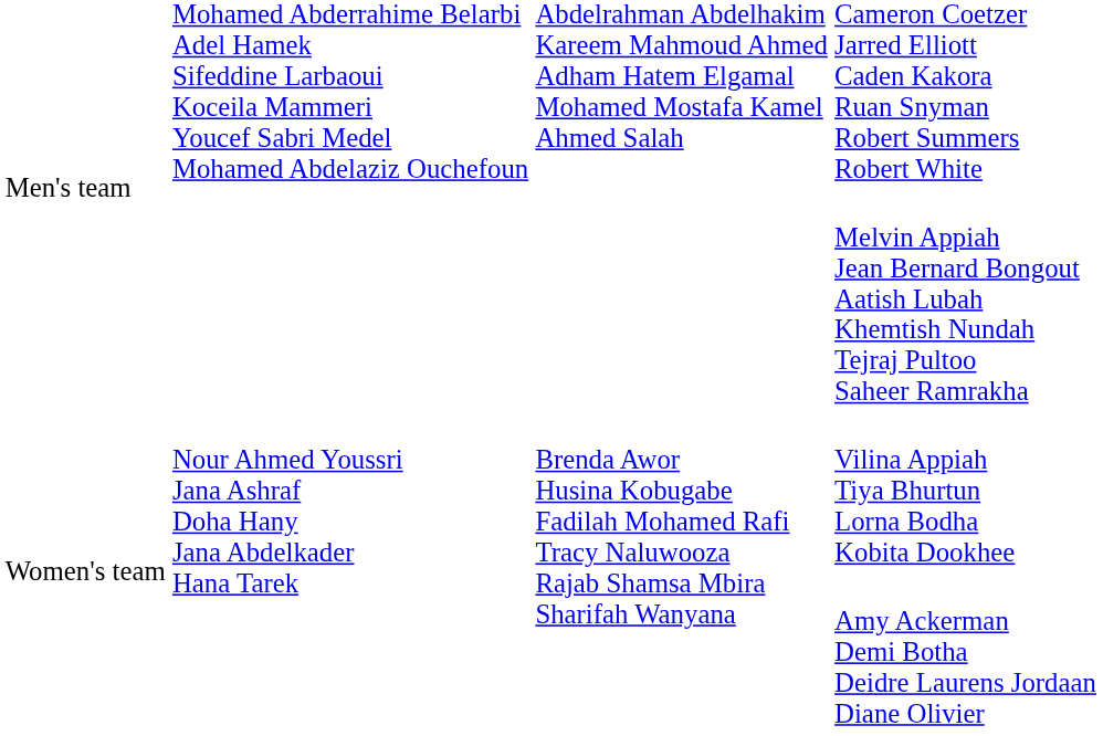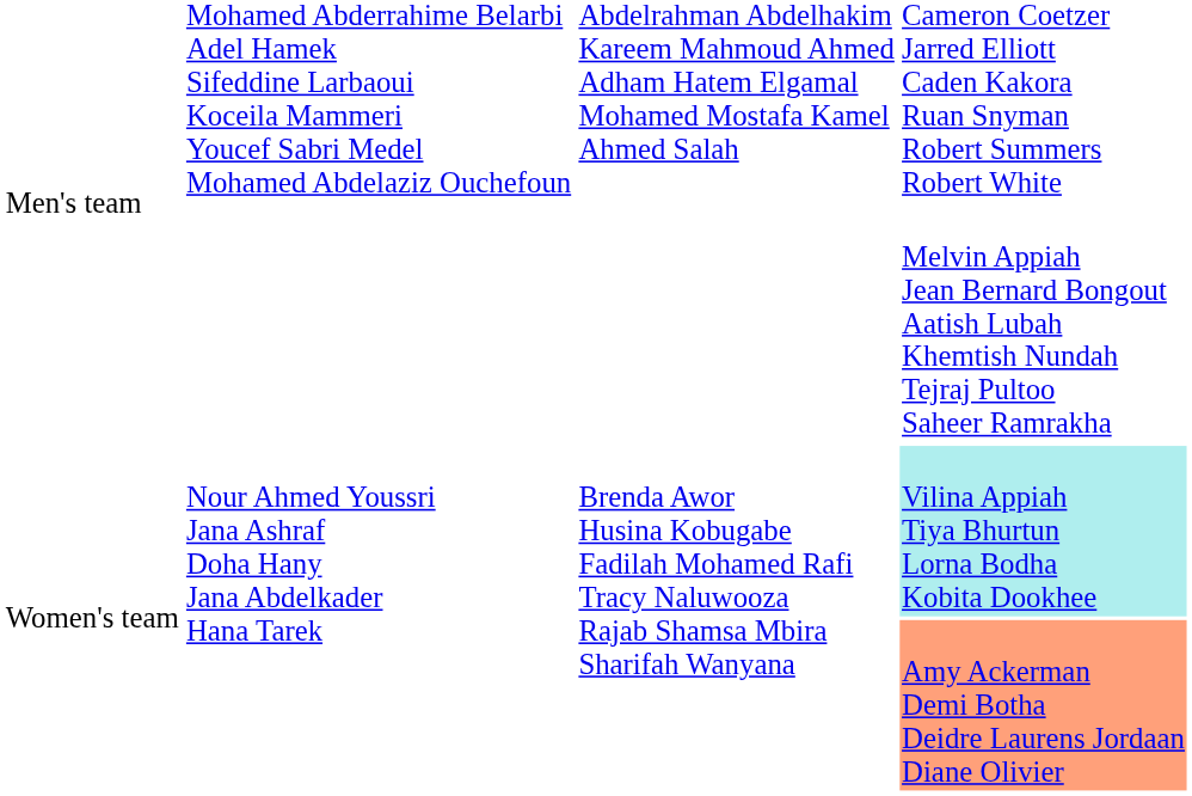 <table>
 <tr>
 <td rowspan=2;align="left">Men's team</td>
 <td rowspan=2;align="left" valign="top"><br><a href='#'>Mohamed Abderrahime Belarbi</a><br><a href='#'>Adel Hamek</a><br><a href='#'>Sifeddine Larbaoui</a><br><a href='#'>Koceila Mammeri</a><br><a href='#'>Youcef Sabri Medel</a><br><a href='#'>Mohamed Abdelaziz Ouchefoun</a></td>
 <td rowspan=2;align="left" valign="top"><br><a href='#'>Abdelrahman Abdelhakim</a><br><a href='#'>Kareem Mahmoud Ahmed</a><br><a href='#'>Adham Hatem Elgamal</a><br><a href='#'>Mohamed Mostafa Kamel</a><br><a href='#'>Ahmed Salah</a></td>
 <td align="left"><br><a href='#'>Cameron Coetzer</a><br><a href='#'>Jarred Elliott</a><br><a href='#'>Caden Kakora</a><br><a href='#'>Ruan Snyman</a><br><a href='#'>Robert Summers</a><br><a href='#'>Robert White</a></td>
 </tr>
 <tr>
 <td align="left"><br><a href='#'>Melvin Appiah</a><br><a href='#'>Jean Bernard Bongout</a><br><a href='#'>Aatish Lubah</a><br><a href='#'>Khemtish Nundah</a><br><a href='#'>Tejraj Pultoo</a><br><a href='#'>Saheer Ramrakha</a></td>
 </tr>
 <tr>
 <td rowspan=2;align="left">Women's team</td>
 <td rowspan=2;align="left" valign="top"><br><a href='#'>Nour Ahmed Youssri</a><br><a href='#'>Jana Ashraf</a><br><a href='#'>Doha Hany</a><br><a href='#'>Jana Abdelkader</a><br><a href='#'>Hana Tarek</a></td>
 <td rowspan=2;align="left" valign="top"><br><a href='#'>Brenda Awor</a><br><a href='#'>Husina Kobugabe</a><br><a href='#'>Fadilah Mohamed Rafi</a><br><a href='#'>Tracy Naluwooza</a><br><a href='#'>Rajab Shamsa Mbira</a><br><a href='#'>Sharifah Wanyana</a></td>
-<td align="left"><br><a href='#'>Vilina Appiah</a><br><a href='#'>Tiya Bhurtun</a><br><a href='#'>Lorna Bodha</a><br><a href='#'>Kobita Dookhee</a></td>
+<td align="left" style="background: paleturquoise;"><br><a href='#'>Vilina Appiah</a><br><a href='#'>Tiya Bhurtun</a><br><a href='#'>Lorna Bodha</a><br><a href='#'>Kobita Dookhee</a></td>
 </tr>
 <tr>
-<td align="left"><br><a href='#'>Amy Ackerman</a><br><a href='#'>Demi Botha</a><br><a href='#'>Deidre Laurens Jordaan</a><br><a href='#'>Diane Olivier</a></td>
+<td align="left" style="background: lightsalmon;"><br><a href='#'>Amy Ackerman</a><br><a href='#'>Demi Botha</a><br><a href='#'>Deidre Laurens Jordaan</a><br><a href='#'>Diane Olivier</a></td>
 </tr>
 </table>
